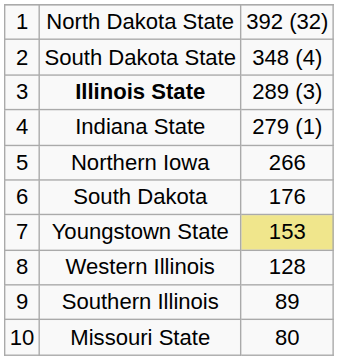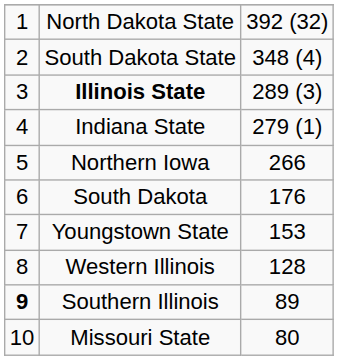 <table class="wikitable">
 <tr align="center">
 </tr>
 <tr align="center">
 <td>1</td>
 <td>North Dakota State</td>
 <td>392 (32)</td>
 </tr>
 <tr align="center">
 <td>2</td>
 <td>South Dakota State</td>
 <td>348 (4)</td>
 </tr>
 <tr align="center">
 <td>3</td>
 <td><strong>Illinois State</strong></td>
 <td>289 (3)</td>
 </tr>
 <tr align="center">
 <td>4</td>
 <td>Indiana State</td>
 <td>279 (1)</td>
 </tr>
 <tr align="center">
 <td>5</td>
 <td>Northern Iowa</td>
 <td>266</td>
 </tr>
 <tr align="center">
 <td>6</td>
 <td>South Dakota</td>
 <td>176</td>
 </tr>
 <tr align="center">
 <td>7</td>
 <td>Youngstown State</td>
-<td style="background: khaki;">153</td>
+<td>153</td>
 </tr>
 <tr align="center">
 <td>8</td>
 <td>Western Illinois</td>
 <td>128</td>
 </tr>
 <tr align="center">
-<td>9</td>
+<td><strong>9</strong></td>
 <td>Southern Illinois</td>
 <td>89</td>
 </tr>
 <tr align="center">
 <td>10</td>
 <td>Missouri State</td>
 <td>80</td>
 </tr>
 </table>
